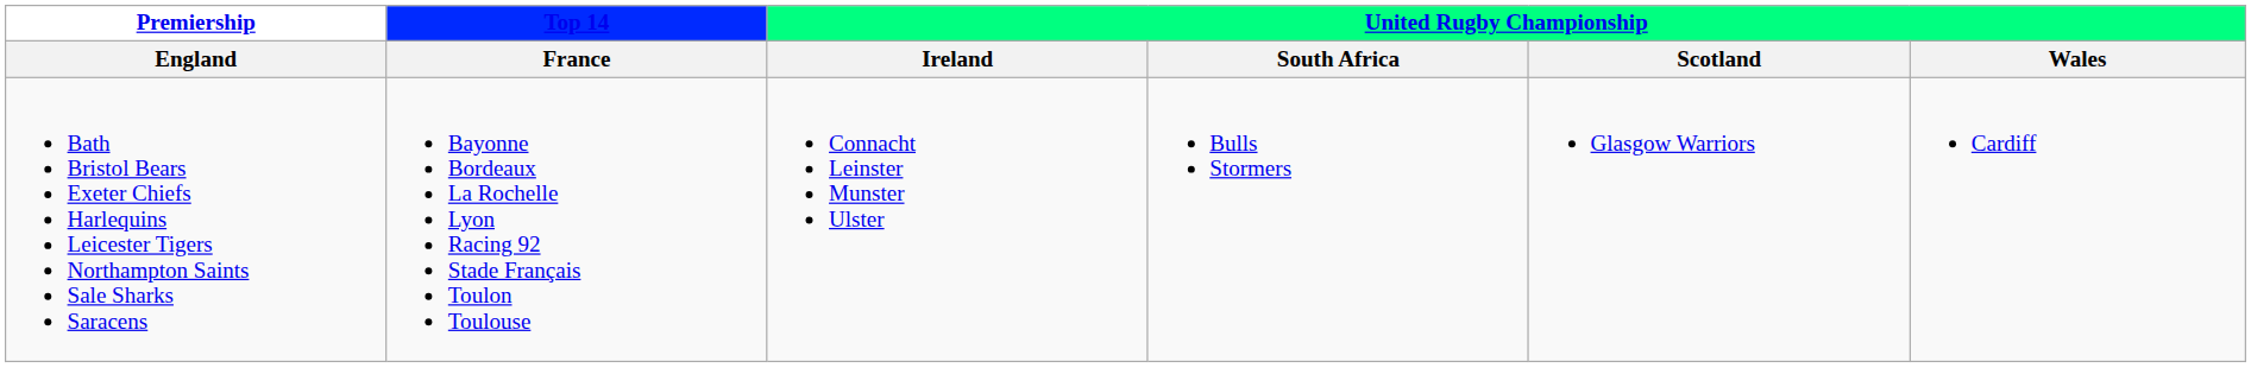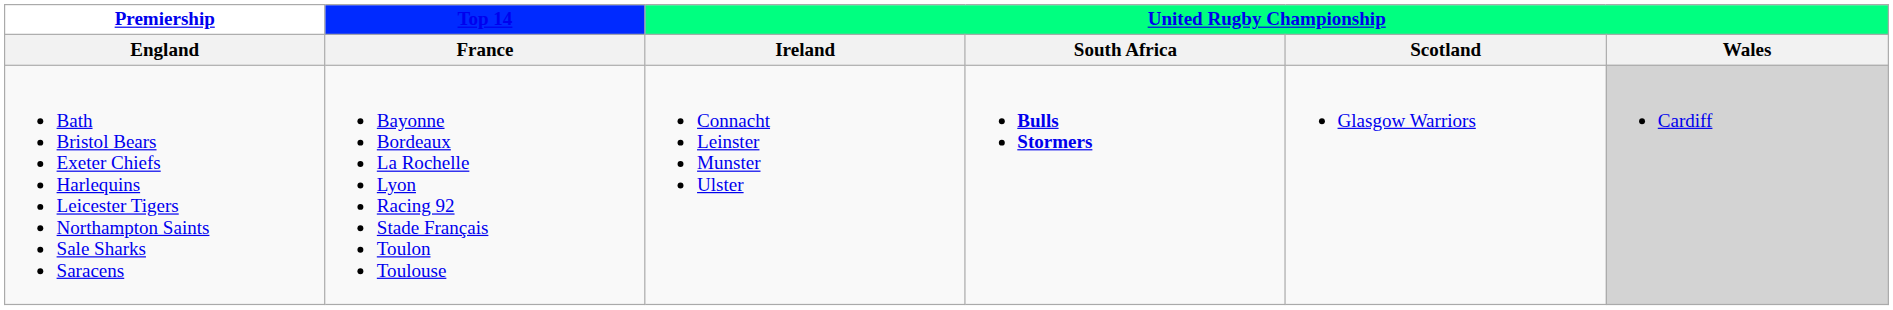 <table class="wikitable" style="width:100%;">
 <tr>
 <th style="background:#FFFFFF;color:#FF0000;text-align:center"><a href='#'>Premiership</a></th>
 <th style="background:#002AFF;color:#FFFFFF;text-align:center"><a href='#'><span>Top 14</span></a></th>
 <th colspan="4" style="background: #00FF80"><a href='#'>United Rugby Championship</a></th>
 </tr>
 <tr>
 <th width=17%> England</th>
 <th width=17%> France</th>
 <th width=17%> Ireland</th>
 <th width=17%> South Africa</th>
 <th width=17%> Scotland</th>
 <th width=17%> Wales</th>
 </tr>
 <tr style="vertical-align:top">
 <td><br><ul><li><a href='#'>Bath</a></li><li><a href='#'>Bristol Bears</a></li><li><a href='#'>Exeter Chiefs</a></li><li><a href='#'>Harlequins</a></li><li><a href='#'>Leicester Tigers</a></li><li><a href='#'>Northampton Saints</a></li><li><a href='#'>Sale Sharks</a></li><li><a href='#'>Saracens</a></li></ul></td>
 <td><br><ul><li><a href='#'>Bayonne</a></li><li><a href='#'>Bordeaux</a></li><li><a href='#'>La Rochelle</a></li><li><a href='#'>Lyon</a></li><li><a href='#'>Racing 92</a></li><li><a href='#'>Stade Français</a></li><li><a href='#'>Toulon</a></li><li><a href='#'>Toulouse</a></li></ul></td>
 <td><br><ul><li><a href='#'>Connacht</a></li><li><a href='#'>Leinster</a></li><li><a href='#'>Munster</a></li><li><a href='#'>Ulster</a></li></ul></td>
-<td><br><ul><li><a href='#'>Bulls</a></li><li><a href='#'>Stormers</a></li></ul></td>
+<td><strong><br><ul><li><a href='#'>Bulls</a></li><li><a href='#'>Stormers</a></li></ul></strong></td>
 <td><br><ul><li><a href='#'>Glasgow Warriors</a></li></ul></td>
-<td><br><ul><li><a href='#'>Cardiff</a></li></ul></td>
+<td style="background: lightgrey;"><br><ul><li><a href='#'>Cardiff</a></li></ul></td>
 </tr>
 </table>
